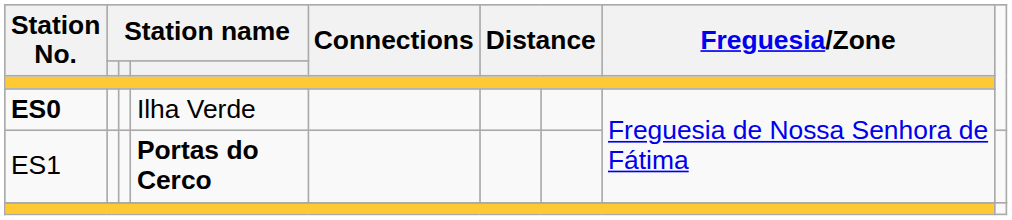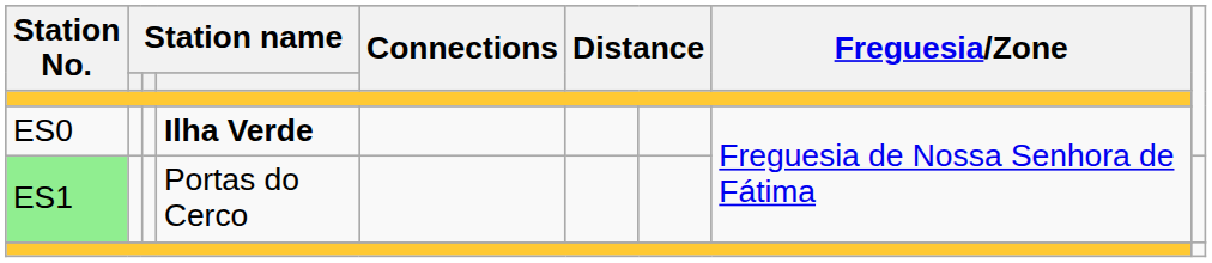 <table class="wikitable">
 <tr>
 <th rowspan="2">Station<br>No.</th>
 <th colspan="3">Station name</th>
 <th rowspan="2">Connections</th>
 <th colspan="2" rowspan="2">Distance<br></th>
 <th rowspan="2"><a href='#'>Freguesia</a>/Zone</th>
 </tr>
 <tr>
 <th></th>
 <th></th>
 <th></th>
 </tr>
 <tr style = "background:#ffc933; height: 2pt">
 <td colspan="8"></td>
 </tr>
 <tr>
-<td><strong>ES0</strong></td>
+<td>ES0</td>
 <td></td>
 <td></td>
-<td>Ilha Verde</td>
+<td><strong>Ilha Verde</strong></td>
 <td></td>
 <td></td>
 <td></td>
 <td rowspan="2"><a href='#'>Freguesia de Nossa Senhora de Fátima</a></td>
 </tr>
 <tr>
-<td>ES1</td>
+<td style="background: lightgreen;">ES1</td>
 <td></td>
 <td></td>
-<td><strong>Portas do Cerco</strong></td>
+<td>Portas do Cerco</td>
 <td></td>
 <td></td>
 <td></td>
 <td></td>
 </tr>
 <tr>
 </tr>
 <tr style = "background:#ffc933; height: 2pt">
 <td colspan="8"></td>
 </tr>
 </table>
